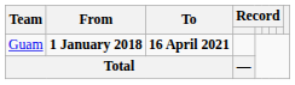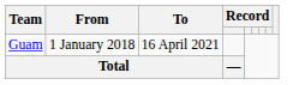 <table class=wikitable style=text-align:center>
 <tr>
 <th rowspan=2>Team</th>
 <th rowspan=2>From</th>
 <th rowspan=2>To</th>
 <th colspan=5>Record</th>
 <th rowspan=2></th>
 </tr>
 <tr>
 <th></th>
 <th></th>
 <th></th>
 <th></th>
 <th></th>
 </tr>
 <tr>
 <td align=left><a href='#'>Guam</a></td>
-<td align=left><strong>1 January 2018</strong></td>
-<td align=left><strong>16 April 2021<br></strong></td>
+<td align=left>1 January 2018</td>
+<td align=left>16 April 2021<br></td>
 <td></td>
 </tr>
 <tr>
 <th colspan=3>Total<br></th>
 <th>—</th>
 </tr>
 </table>
